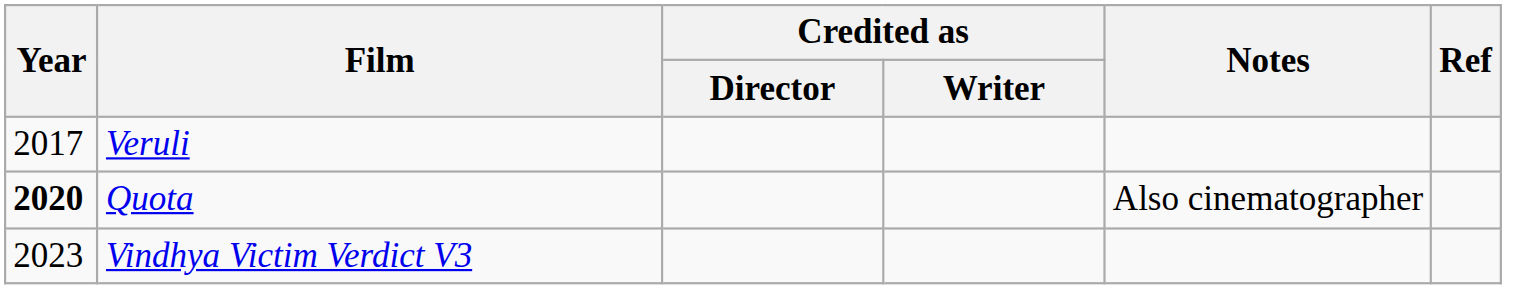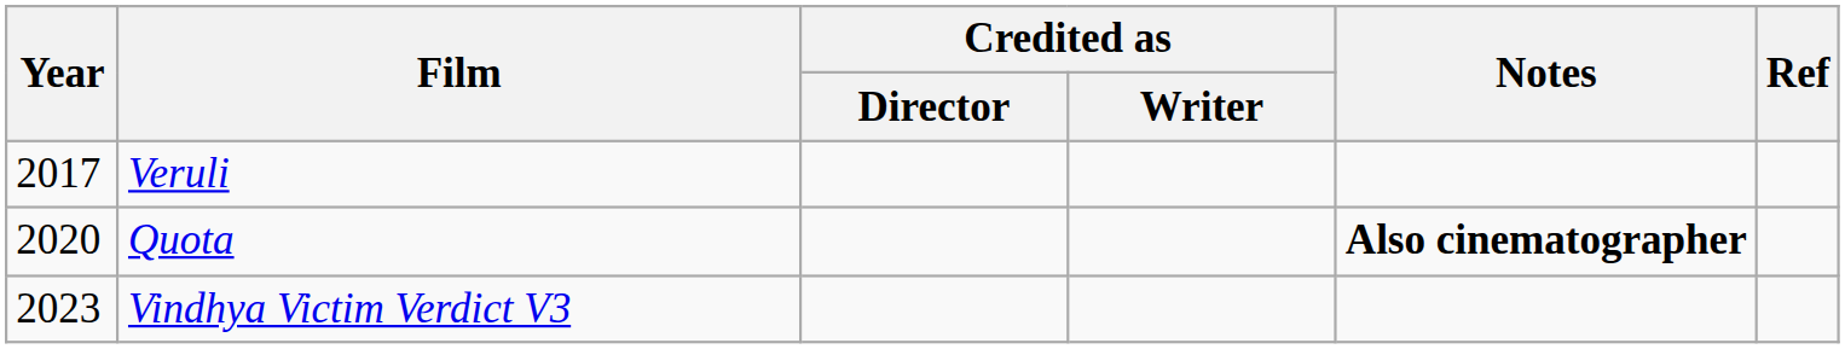 <table class="wikitable sortable">
 <tr>
 <th rowspan="2" style="width:35px;">Year</th>
 <th rowspan="2" style="width:250px;">Film</th>
 <th colspan="2" style="width:195px;">Credited as</th>
 <th rowspan="2" style="text-align:center;">Notes</th>
 <th rowspan="2" class="unsortable" style="text-align:center;">Ref</th>
 </tr>
 <tr>
 <th style="width:65px;">Director</th>
 <th width="65">Writer</th>
 </tr>
 <tr>
 <td>2017</td>
 <td><em><a href='#'>Veruli</a></em></td>
 <td style="text-align:center;"></td>
 <td style="text-align:center;"></td>
 <td></td>
 <td></td>
 </tr>
 <tr>
-<td><strong>2020</strong></td>
+<td>2020</td>
 <td><em><a href='#'>Quota</a></em></td>
 <td style="text-align:center;"></td>
 <td style="text-align:center;"></td>
-<td>Also cinematographer</td>
+<td><strong>Also cinematographer</strong></td>
 <td></td>
 </tr>
 <tr>
 <td>2023</td>
 <td><em><a href='#'>Vindhya Victim Verdict V3</a></em></td>
 <td style="text-align:center;"></td>
 <td style="text-align:center;"></td>
 <td></td>
 <td></td>
 </tr>
 </table>
